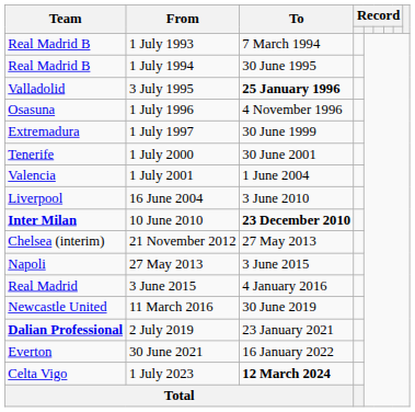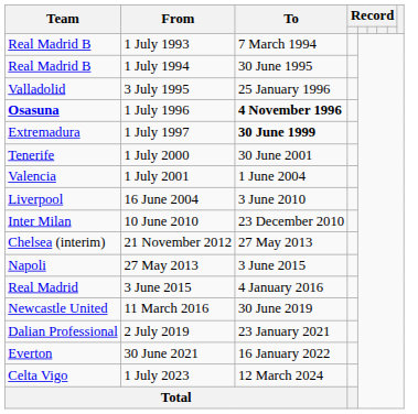 <table class=wikitable style=text-align:center>
 <tr>
 <th rowspan=2>Team</th>
 <th rowspan=2>From</th>
 <th rowspan=2>To</th>
 <th colspan=5>Record</th>
 <th rowspan=2></th>
 </tr>
 <tr>
 <th></th>
 <th></th>
 <th></th>
 <th></th>
 <th></th>
 </tr>
 <tr>
 <td align=left><a href='#'>Real Madrid B</a></td>
 <td align=left>1 July 1993</td>
 <td align=left>7 March 1994<br></td>
 <td></td>
 </tr>
 <tr>
 <td align=left><a href='#'>Real Madrid B</a></td>
 <td align=left>1 July 1994</td>
 <td align=left>30 June 1995<br></td>
 <td></td>
 </tr>
 <tr>
 <td align=left><a href='#'>Valladolid</a></td>
 <td align=left>3 July 1995</td>
-<td align=left><strong>25 January 1996<br></strong></td>
+<td align=left>25 January 1996<br></td>
 <td></td>
 </tr>
 <tr>
-<td align=left><a href='#'>Osasuna</a></td>
+<td align=left><strong><a href='#'>Osasuna</a></strong></td>
 <td align=left>1 July 1996</td>
-<td align=left>4 November 1996<br></td>
+<td align=left><strong>4 November 1996<br></strong></td>
 <td></td>
 </tr>
 <tr>
 <td align=left><a href='#'>Extremadura</a></td>
 <td align=left>1 July 1997</td>
-<td align=left>30 June 1999<br></td>
+<td align=left><strong>30 June 1999<br></strong></td>
 <td></td>
 </tr>
 <tr>
 <td align=left><a href='#'>Tenerife</a></td>
 <td align=left>1 July 2000</td>
 <td align=left>30 June 2001<br></td>
 <td></td>
 </tr>
 <tr>
 <td align=left><a href='#'>Valencia</a></td>
 <td align=left>1 July 2001</td>
 <td align=left>1 June 2004<br></td>
 <td></td>
 </tr>
 <tr>
 <td align=left><a href='#'>Liverpool</a></td>
 <td align=left>16 June 2004</td>
 <td align=left>3 June 2010<br></td>
 <td></td>
 </tr>
 <tr>
-<td align=left><strong><a href='#'>Inter Milan</a></strong></td>
+<td align=left><a href='#'>Inter Milan</a></td>
 <td align=left>10 June 2010</td>
-<td align=left><strong>23 December 2010<br></strong></td>
+<td align=left>23 December 2010<br></td>
 <td></td>
 </tr>
 <tr>
 <td align=left><a href='#'>Chelsea</a> (interim)</td>
 <td align=left>21 November 2012</td>
 <td align=left>27 May 2013<br></td>
 <td></td>
 </tr>
 <tr>
 <td align=left><a href='#'>Napoli</a></td>
 <td align=left>27 May 2013</td>
 <td align=left>3 June 2015<br></td>
 <td></td>
 </tr>
 <tr>
 <td align=left><a href='#'>Real Madrid</a></td>
 <td align=left>3 June 2015</td>
 <td align=left>4 January 2016<br></td>
 <td></td>
 </tr>
 <tr>
 <td align=left><a href='#'>Newcastle United</a></td>
 <td align=left>11 March 2016</td>
 <td align=left>30 June 2019<br></td>
 <td></td>
 </tr>
 <tr>
-<td align=left><strong><a href='#'>Dalian Professional</a></strong></td>
+<td align=left><a href='#'>Dalian Professional</a></td>
 <td align=left>2 July 2019</td>
 <td align=left>23 January 2021<br></td>
 <td></td>
 </tr>
 <tr>
 <td align=left><a href='#'>Everton</a></td>
 <td align=left>30 June 2021</td>
 <td align=left>16 January 2022<br></td>
 <td></td>
 </tr>
 <tr>
 <td align=left><a href='#'>Celta Vigo</a></td>
 <td align=left>1 July 2023</td>
-<td align=left><strong>12 March 2024<br></strong></td>
+<td align=left>12 March 2024<br></td>
 <td></td>
 </tr>
 <tr>
 <th colspan=3>Total<br></th>
 <th></th>
 </tr>
 </table>
